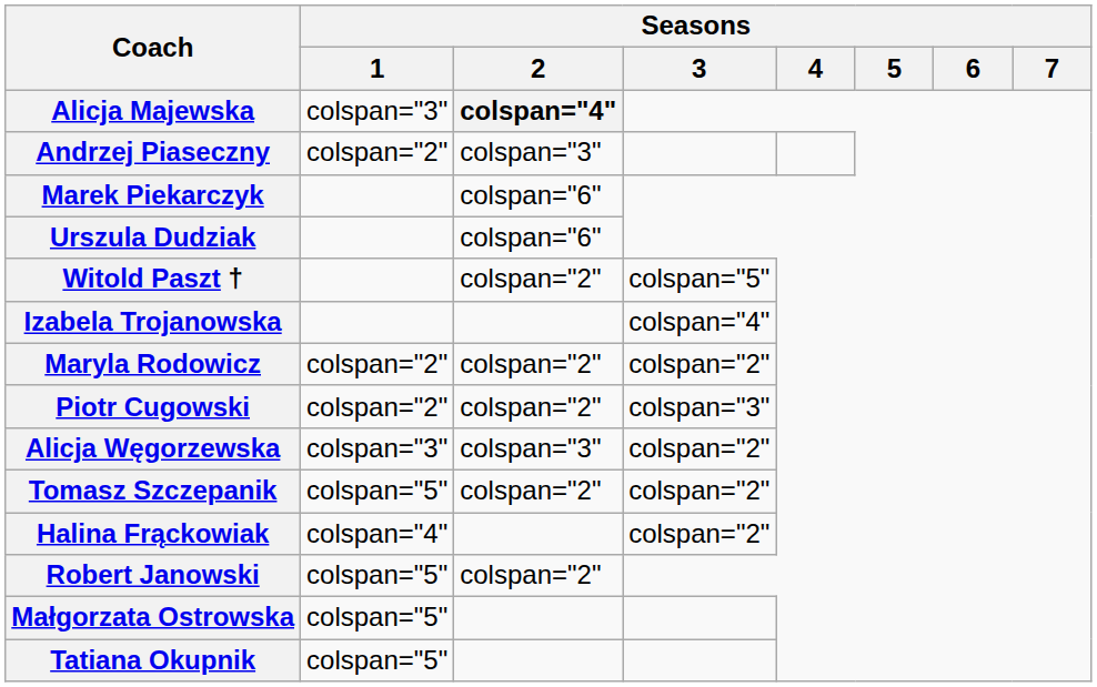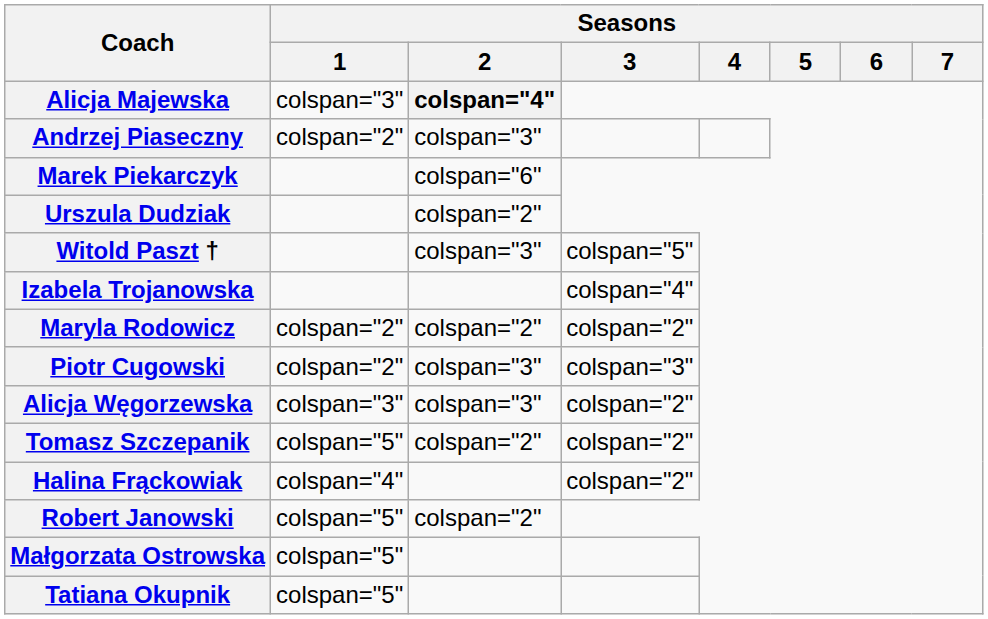 <table class="wikitable">
 <tr>
 <th rowspan="2">Coach</th>
 <th colspan="7">Seasons</th>
 </tr>
 <tr>
 <th width="40">1</th>
 <th width="40">2</th>
 <th width="40">3</th>
 <th width="40">4</th>
 <th width="40">5</th>
 <th width="40">6</th>
 <th width="40">7</th>
 </tr>
 <tr>
 <th><a href='#'>Alicja Majewska</a></th>
 <td>colspan="3" </td>
 <th>colspan="4" </th>
 </tr>
 <tr>
 <th><a href='#'>Andrzej Piaseczny</a></th>
 <td>colspan="2" </td>
 <td>colspan="3" </td>
 <td></td>
 <td></td>
 </tr>
 <tr>
 <th><a href='#'>Marek Piekarczyk</a></th>
 <td></td>
 <td>colspan="6" </td>
 </tr>
 <tr>
 <th><a href='#'>Urszula Dudziak</a></th>
 <td></td>
-<td>colspan="6" </td>
+<td>colspan="2" </td>
 </tr>
 <tr>
 <th><a href='#'>Witold Paszt</a> †</th>
 <td></td>
-<td>colspan="2" </td>
+<td>colspan="3" </td>
 <td>colspan="5" </td>
 </tr>
 <tr>
 <th><a href='#'>Izabela Trojanowska</a></th>
 <td></td>
 <td></td>
 <td>colspan="4" </td>
 </tr>
 <tr>
 <th><a href='#'>Maryla Rodowicz</a></th>
 <td>colspan="2" </td>
 <td>colspan="2" </td>
 <td>colspan="2" </td>
 </tr>
 <tr>
 <th><a href='#'>Piotr Cugowski</a></th>
 <td>colspan="2" </td>
-<td>colspan="2" </td>
+<td>colspan="3" </td>
 <td>colspan="3" </td>
 </tr>
 <tr>
 <th><a href='#'>Alicja Węgorzewska</a></th>
 <td>colspan="3" </td>
 <td>colspan="3" </td>
 <td>colspan="2" </td>
 </tr>
 <tr>
 <th><a href='#'>Tomasz Szczepanik</a></th>
 <td>colspan="5" </td>
 <td>colspan="2" </td>
 <td>colspan="2" </td>
 </tr>
 <tr>
 <th><a href='#'>Halina Frąckowiak</a></th>
 <td>colspan="4" </td>
 <td></td>
 <td>colspan="2" </td>
 </tr>
 <tr>
 <th><a href='#'>Robert Janowski</a></th>
 <td>colspan="5" </td>
 <td>colspan="2" </td>
 </tr>
 <tr>
 <th><a href='#'>Małgorzata Ostrowska</a></th>
 <td>colspan="5" </td>
 <td></td>
 <td></td>
 </tr>
 <tr>
 <th><a href='#'>Tatiana Okupnik</a></th>
 <td>colspan="5" </td>
 <td></td>
 <td></td>
 </tr>
 </table>
